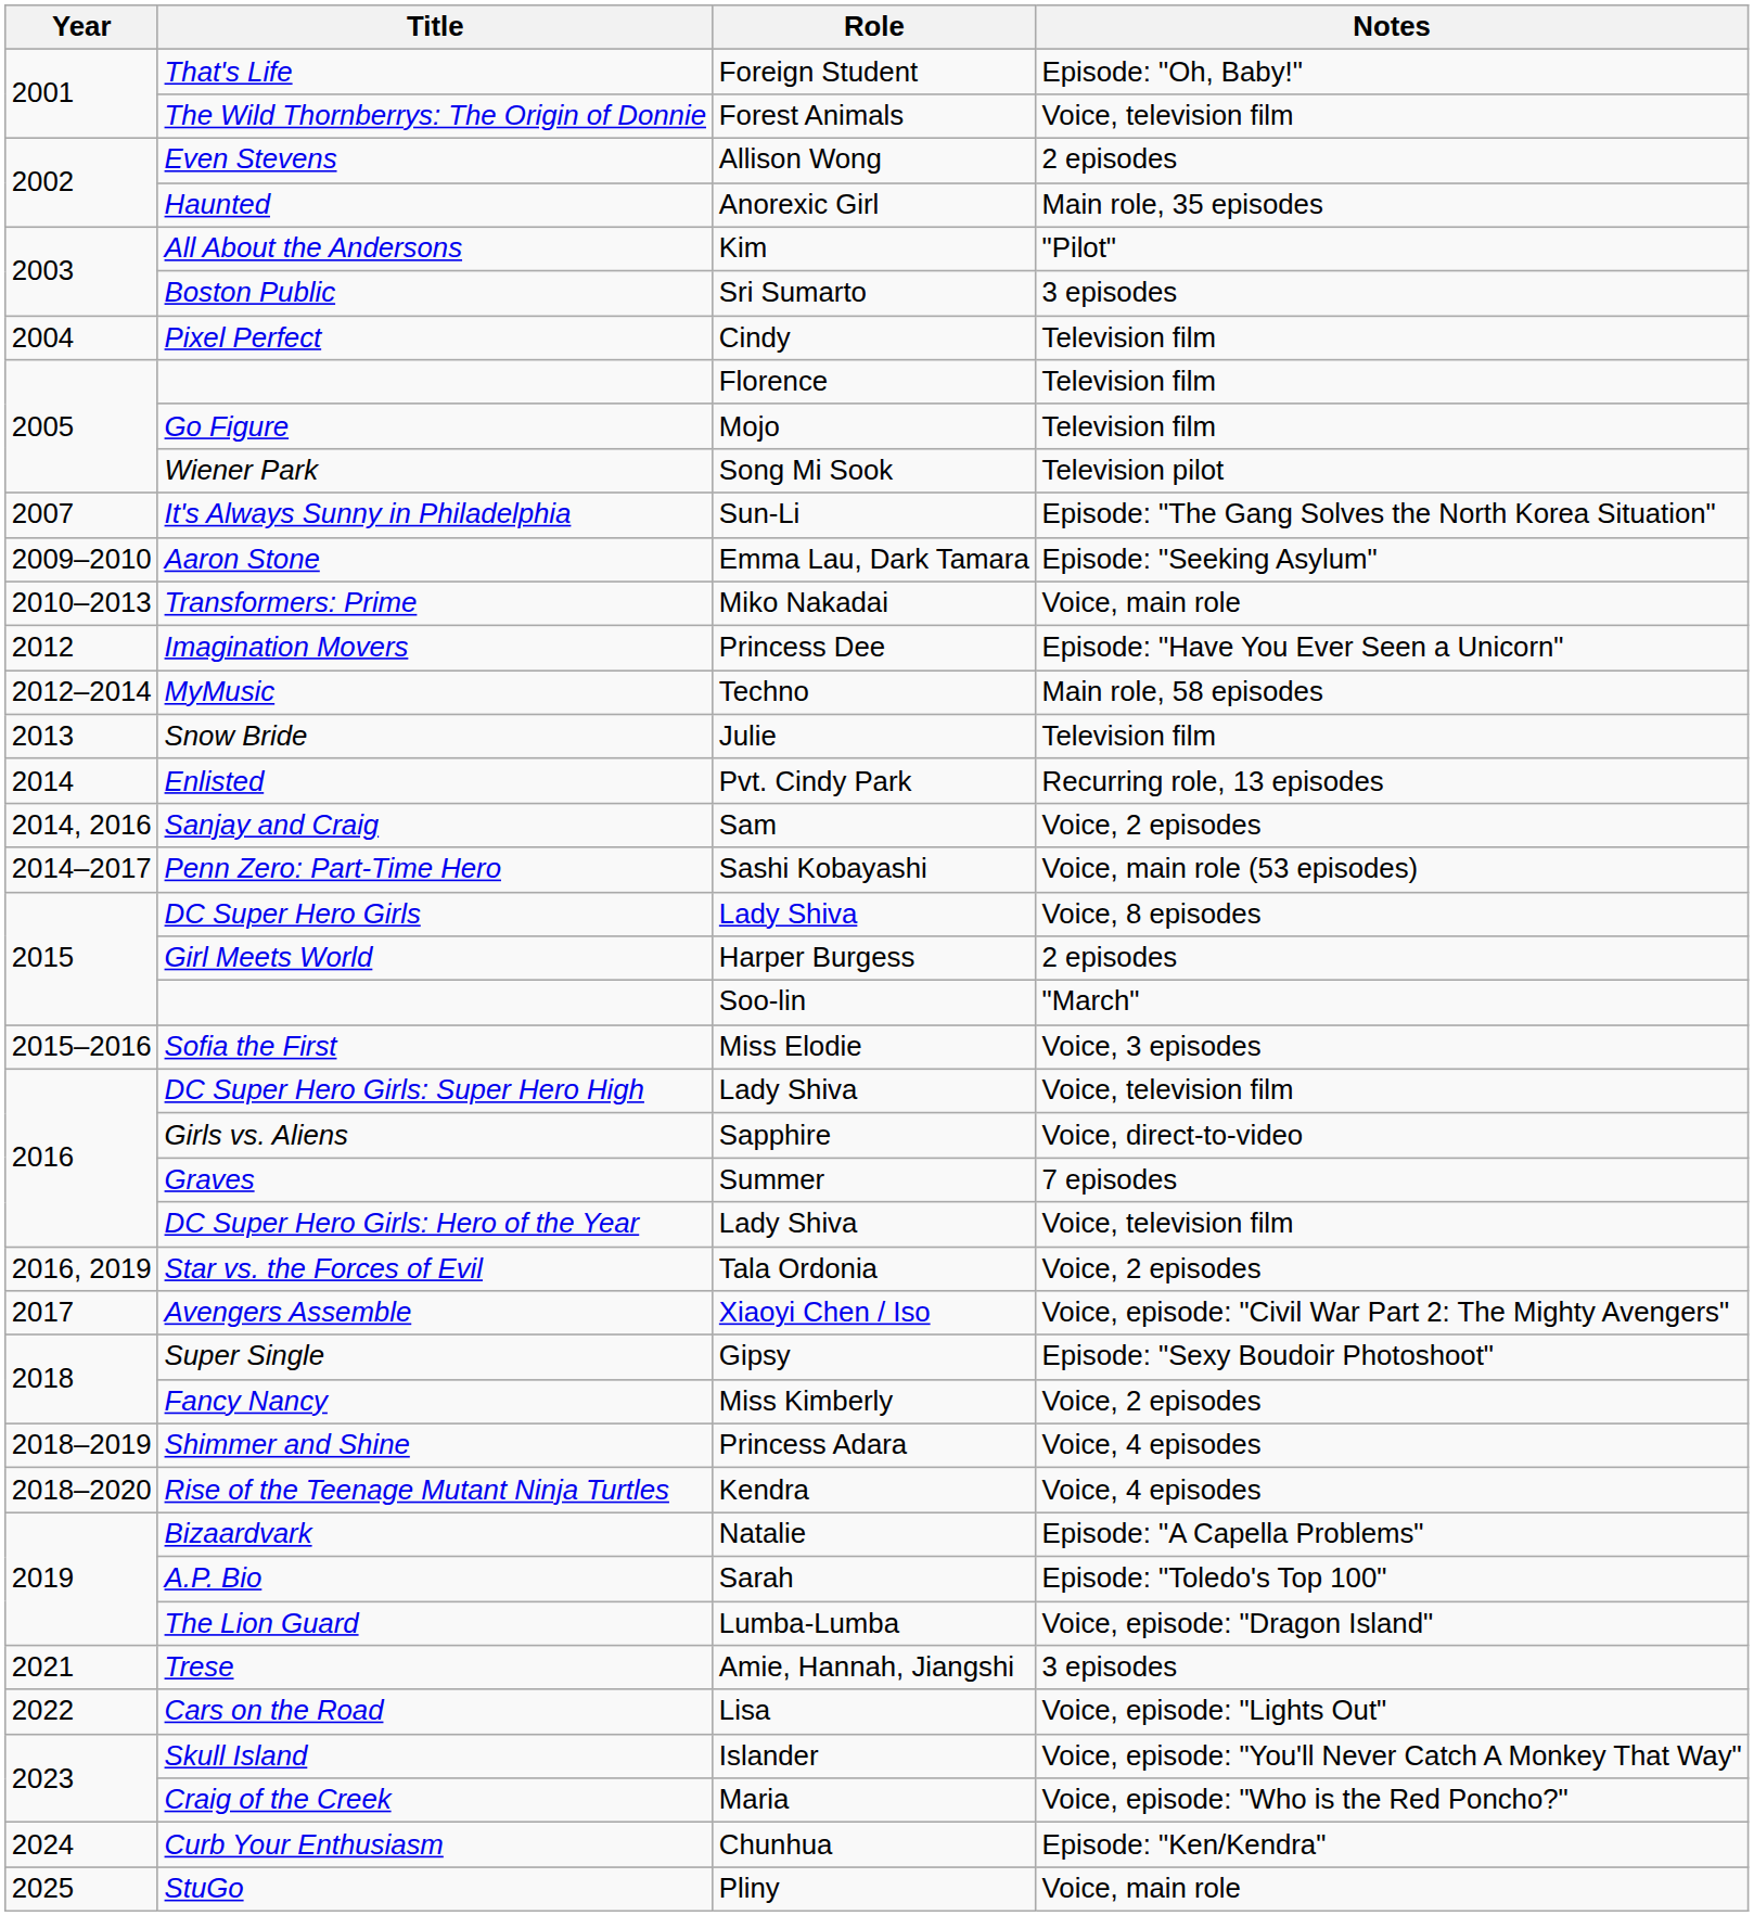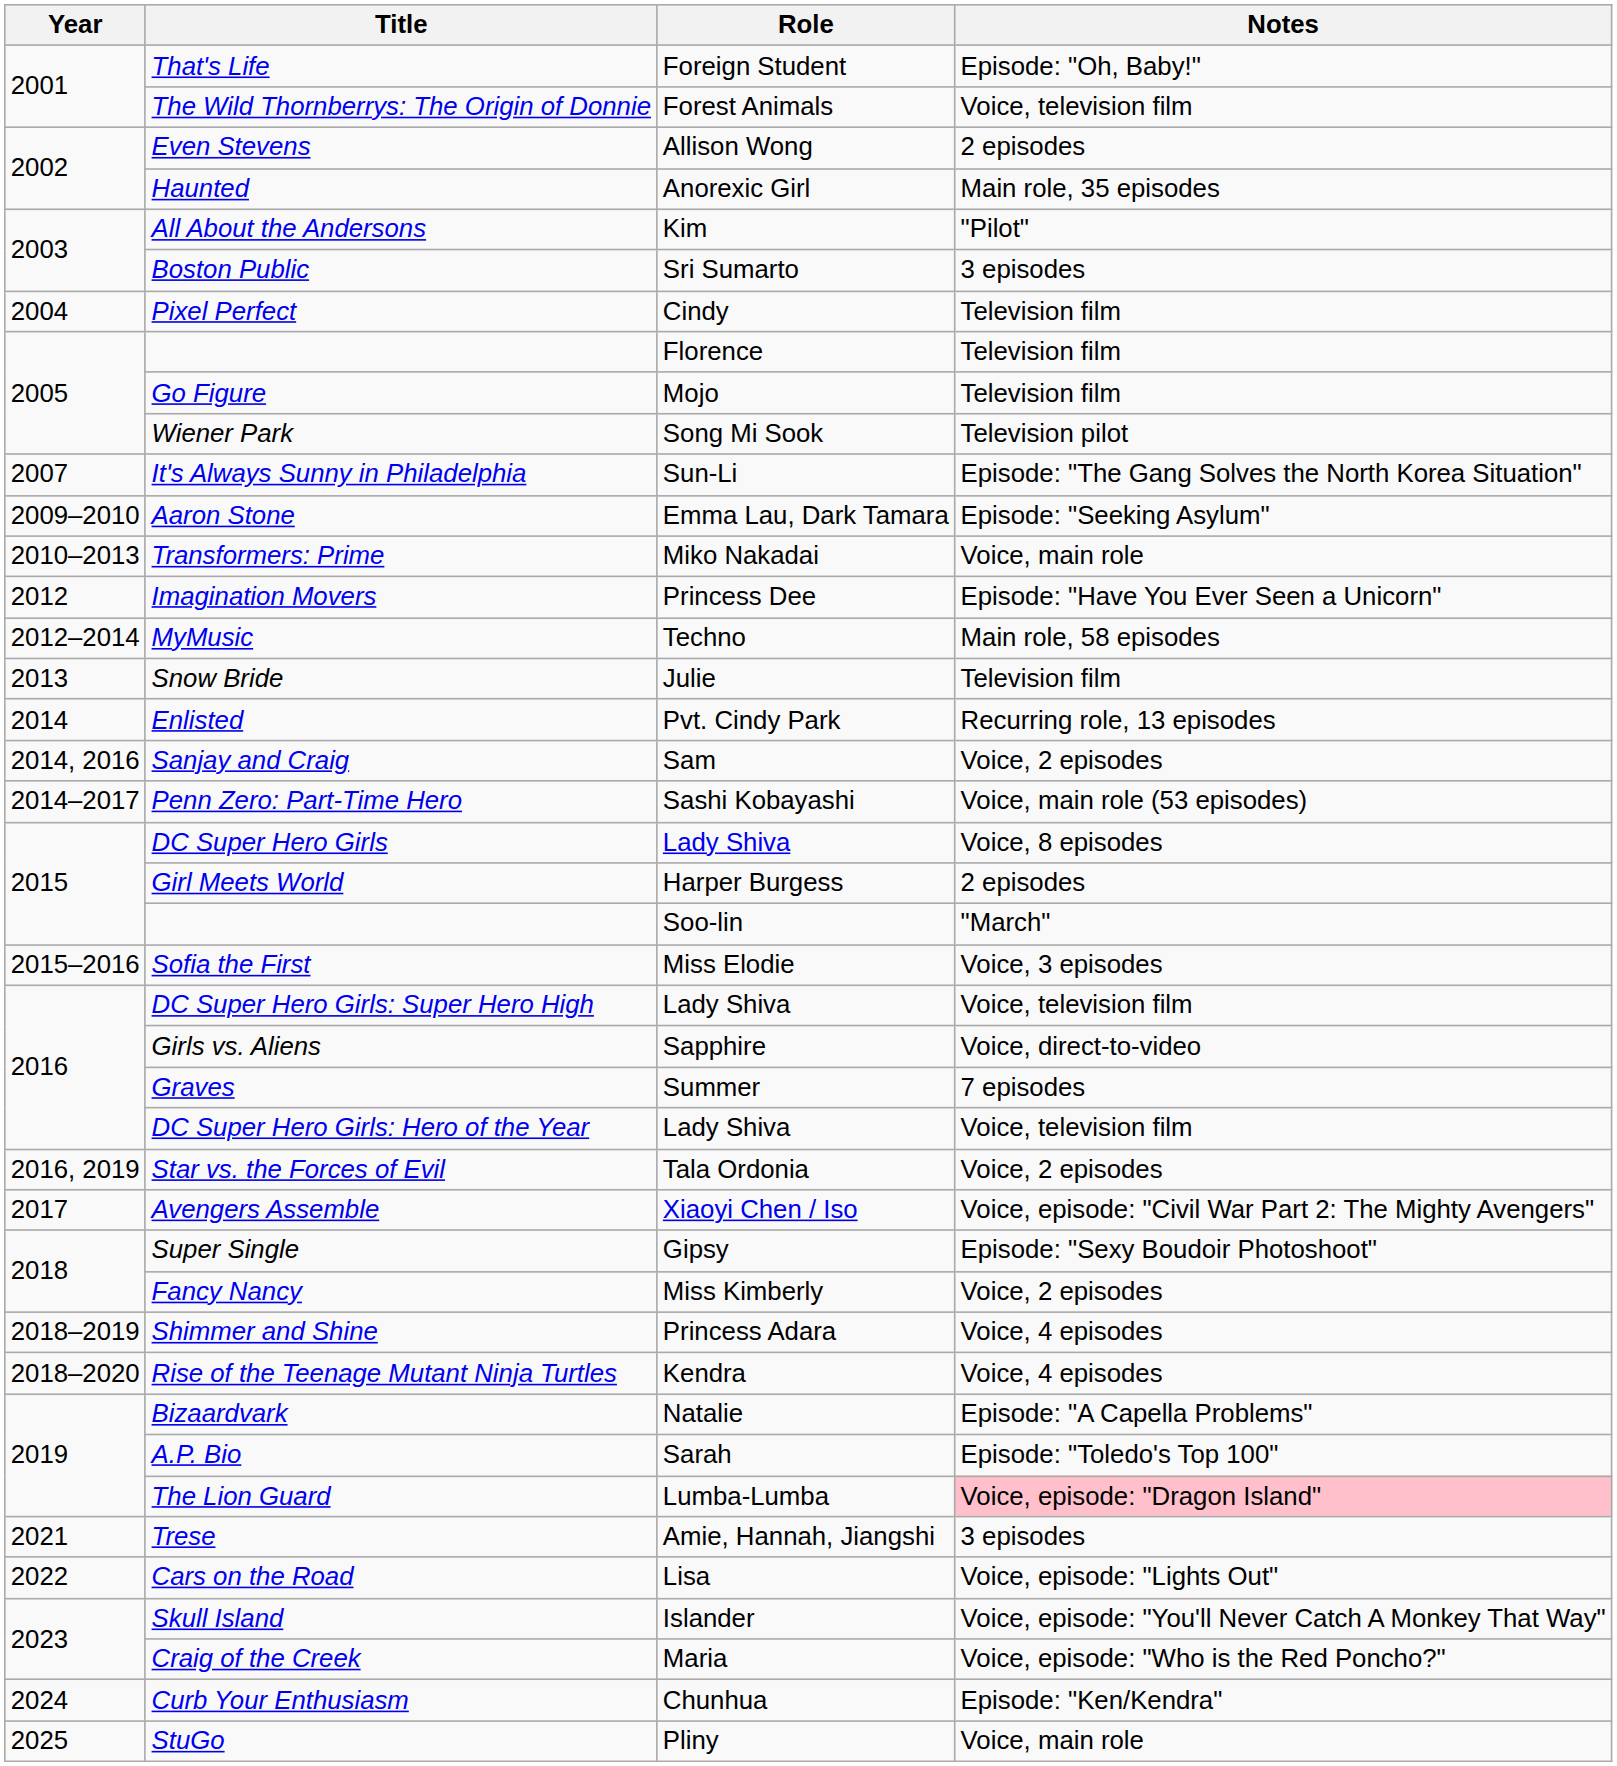 <table class="wikitable sortable">
 <tr>
 <th>Year</th>
 <th>Title</th>
 <th>Role</th>
 <th class="unsortable">Notes</th>
 </tr>
 <tr>
 <td rowspan='2'>2001</td>
 <td><em><a href='#'>That's Life</a></em></td>
 <td>Foreign Student</td>
 <td>Episode: "Oh, Baby!"</td>
 </tr>
 <tr>
 <td><em><a href='#'>The Wild Thornberrys: The Origin of Donnie</a></em></td>
 <td>Forest Animals</td>
 <td>Voice, television film</td>
 </tr>
 <tr>
 <td rowspan='2'>2002</td>
 <td><em><a href='#'>Even Stevens</a></em></td>
 <td>Allison Wong</td>
 <td>2 episodes</td>
 </tr>
 <tr>
 <td><em><a href='#'>Haunted</a></em></td>
 <td>Anorexic Girl</td>
 <td>Main role, 35 episodes</td>
 </tr>
 <tr>
 <td rowspan='2'>2003</td>
 <td><em><a href='#'>All About the Andersons</a></em></td>
 <td>Kim</td>
 <td>"Pilot"</td>
 </tr>
 <tr>
 <td><em><a href='#'>Boston Public</a></em></td>
 <td>Sri Sumarto</td>
 <td>3 episodes</td>
 </tr>
 <tr>
 <td>2004</td>
 <td><em><a href='#'>Pixel Perfect</a></em></td>
 <td>Cindy</td>
 <td>Television film</td>
 </tr>
 <tr>
 <td rowspan='3'>2005</td>
 <td><em></em></td>
 <td>Florence</td>
 <td>Television film</td>
 </tr>
 <tr>
 <td><em><a href='#'>Go Figure</a></em></td>
 <td>Mojo</td>
 <td>Television film</td>
 </tr>
 <tr>
 <td><em>Wiener Park</em></td>
 <td>Song Mi Sook</td>
 <td>Television pilot</td>
 </tr>
 <tr>
 <td>2007</td>
 <td><em><a href='#'>It's Always Sunny in Philadelphia</a></em></td>
 <td>Sun-Li</td>
 <td>Episode: "The Gang Solves the North Korea Situation"</td>
 </tr>
 <tr>
 <td>2009–2010</td>
 <td><em><a href='#'>Aaron Stone</a></em></td>
 <td>Emma Lau, Dark Tamara</td>
 <td>Episode: "Seeking Asylum"</td>
 </tr>
 <tr>
 <td>2010–2013</td>
 <td><em><a href='#'>Transformers: Prime</a></em></td>
 <td>Miko Nakadai</td>
 <td>Voice, main role</td>
 </tr>
 <tr>
 <td>2012</td>
 <td><em><a href='#'>Imagination Movers</a></em></td>
 <td>Princess Dee</td>
 <td>Episode: "Have You Ever Seen a Unicorn"</td>
 </tr>
 <tr>
 <td>2012–2014</td>
 <td><em><a href='#'>MyMusic</a></em></td>
 <td>Techno</td>
 <td>Main role, 58 episodes</td>
 </tr>
 <tr>
 <td>2013</td>
 <td><em>Snow Bride</em></td>
 <td>Julie</td>
 <td>Television film</td>
 </tr>
 <tr>
 <td>2014</td>
 <td><em><a href='#'>Enlisted</a></em></td>
 <td>Pvt. Cindy Park</td>
 <td>Recurring role, 13 episodes</td>
 </tr>
 <tr>
 <td>2014, 2016</td>
 <td><em><a href='#'>Sanjay and Craig</a></em></td>
 <td>Sam</td>
 <td>Voice, 2 episodes</td>
 </tr>
 <tr>
 <td>2014–2017</td>
 <td><em><a href='#'>Penn Zero: Part-Time Hero</a></em></td>
 <td>Sashi Kobayashi</td>
 <td>Voice, main role (53 episodes)</td>
 </tr>
 <tr>
 <td rowspan='3'>2015</td>
 <td><em><a href='#'>DC Super Hero Girls</a></em></td>
 <td><a href='#'>Lady Shiva</a></td>
 <td>Voice, 8 episodes</td>
 </tr>
 <tr>
 <td><em><a href='#'>Girl Meets World</a></em></td>
 <td>Harper Burgess</td>
 <td>2 episodes</td>
 </tr>
 <tr>
 <td><em></em></td>
 <td>Soo-lin</td>
 <td>"March"</td>
 </tr>
 <tr>
 <td>2015–2016</td>
 <td><em><a href='#'>Sofia the First</a></em></td>
 <td>Miss Elodie</td>
 <td>Voice, 3 episodes</td>
 </tr>
 <tr>
 <td rowspan='4'>2016</td>
 <td><em><a href='#'>DC Super Hero Girls: Super Hero High</a></em></td>
 <td>Lady Shiva</td>
 <td>Voice, television film</td>
 </tr>
 <tr>
 <td><em>Girls vs. Aliens</em></td>
 <td>Sapphire</td>
 <td>Voice, direct-to-video</td>
 </tr>
 <tr>
 <td><em><a href='#'>Graves</a></em></td>
 <td>Summer</td>
 <td>7 episodes</td>
 </tr>
 <tr>
 <td><em><a href='#'>DC Super Hero Girls: Hero of the Year</a></em></td>
 <td>Lady Shiva</td>
 <td>Voice, television film</td>
 </tr>
 <tr>
 <td>2016, 2019</td>
 <td><em><a href='#'>Star vs. the Forces of Evil</a></em></td>
 <td>Tala Ordonia</td>
 <td>Voice, 2 episodes</td>
 </tr>
 <tr>
 <td>2017</td>
 <td><em><a href='#'>Avengers Assemble</a></em></td>
 <td><a href='#'>Xiaoyi Chen / Iso</a></td>
 <td>Voice, episode: "Civil War Part 2: The Mighty Avengers"</td>
 </tr>
 <tr>
 <td rowspan="2">2018</td>
 <td><em>Super Single</em></td>
 <td>Gipsy</td>
 <td>Episode: "Sexy Boudoir Photoshoot"</td>
 </tr>
 <tr>
 <td><em><a href='#'>Fancy Nancy</a></em></td>
 <td>Miss Kimberly</td>
 <td>Voice, 2 episodes</td>
 </tr>
 <tr>
 <td>2018–2019</td>
 <td><em><a href='#'>Shimmer and Shine</a></em></td>
 <td>Princess Adara</td>
 <td>Voice, 4 episodes</td>
 </tr>
 <tr>
 <td>2018–2020</td>
 <td><em><a href='#'>Rise of the Teenage Mutant Ninja Turtles</a></em></td>
 <td>Kendra</td>
 <td>Voice, 4 episodes</td>
 </tr>
 <tr>
 <td rowspan="3">2019</td>
 <td><em><a href='#'>Bizaardvark</a></em></td>
 <td>Natalie</td>
 <td>Episode: "A Capella Problems"</td>
 </tr>
 <tr>
 <td><em><a href='#'>A.P. Bio</a></em></td>
 <td>Sarah</td>
 <td>Episode: "Toledo's Top 100"</td>
 </tr>
 <tr>
 <td><em><a href='#'>The Lion Guard</a></em></td>
 <td>Lumba-Lumba</td>
-<td>Voice, episode: "Dragon Island"</td>
+<td style="background: pink;">Voice, episode: "Dragon Island"</td>
 </tr>
 <tr>
 <td>2021</td>
 <td><em><a href='#'>Trese</a></em></td>
 <td>Amie, Hannah, Jiangshi</td>
 <td>3 episodes</td>
 </tr>
 <tr>
 <td>2022</td>
 <td><em><a href='#'>Cars on the Road</a></em></td>
 <td>Lisa</td>
 <td>Voice, episode: "Lights Out"</td>
 </tr>
 <tr>
 <td rowspan="2">2023</td>
 <td><em><a href='#'>Skull Island</a></em></td>
 <td>Islander</td>
 <td>Voice, episode: "You'll Never Catch A Monkey That Way"</td>
 </tr>
 <tr>
 <td><em><a href='#'>Craig of the Creek</a></em></td>
 <td>Maria</td>
 <td>Voice, episode: "Who is the Red Poncho?"</td>
 </tr>
 <tr>
 <td>2024</td>
 <td><em><a href='#'>Curb Your Enthusiasm</a></em></td>
 <td>Chunhua</td>
 <td>Episode: "Ken/Kendra"</td>
 </tr>
 <tr>
 <td>2025</td>
 <td><em><a href='#'>StuGo</a></em></td>
 <td>Pliny</td>
 <td>Voice, main role</td>
 </tr>
 </table>
